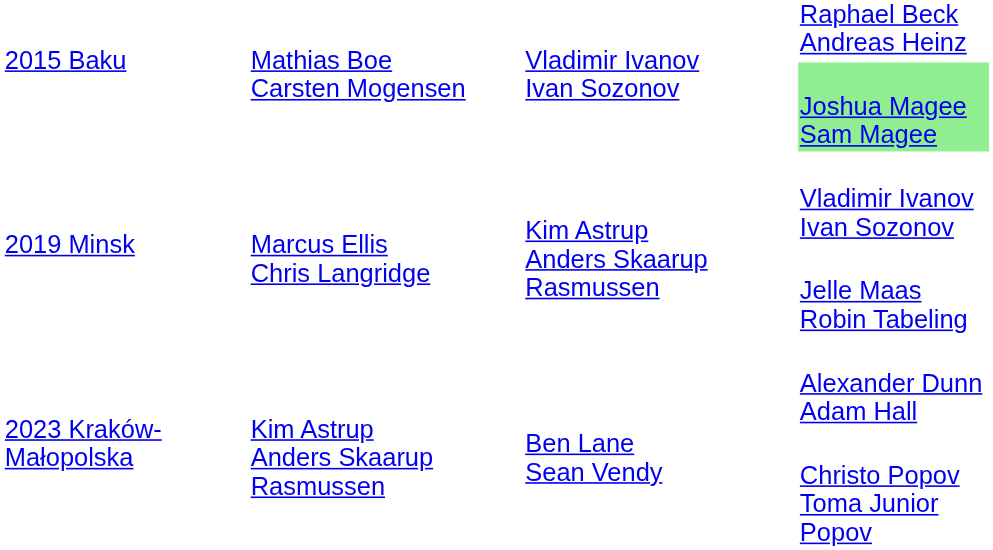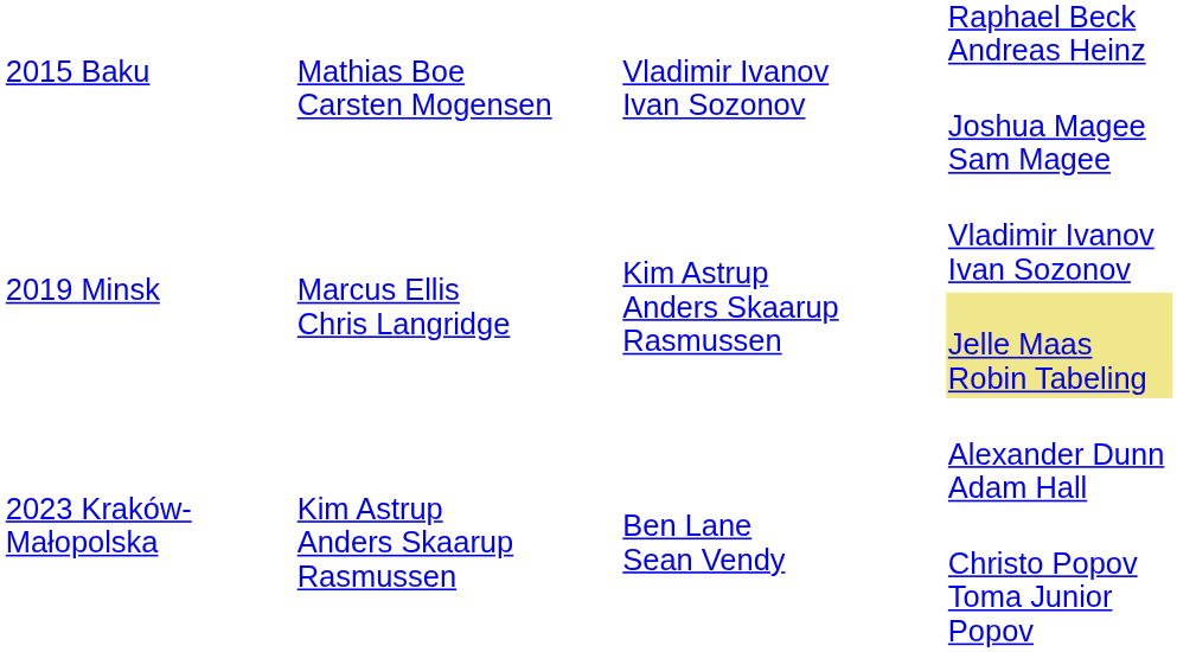 <table>
 <tr valign="center">
 <td rowspan=2><a href='#'>2015 Baku</a><br></td>
 <td rowspan=2><br><a href='#'>Mathias Boe</a><br><a href='#'>Carsten Mogensen</a></td>
 <td rowspan=2><br><a href='#'>Vladimir Ivanov</a><br><a href='#'>Ivan Sozonov</a></td>
 <td><br><a href='#'>Raphael Beck</a><br><a href='#'>Andreas Heinz</a></td>
 </tr>
 <tr>
-<td style="background: lightgreen;"><br><a href='#'>Joshua Magee</a><br><a href='#'>Sam Magee</a></td>
+<td><br><a href='#'>Joshua Magee</a><br><a href='#'>Sam Magee</a></td>
 </tr>
 <tr valign="center">
 <td rowspan="2"><a href='#'>2019 Minsk</a><br></td>
 <td rowspan="2"><br><a href='#'>Marcus Ellis</a><br><a href='#'>Chris Langridge</a></td>
 <td rowspan="2"><br><a href='#'>Kim Astrup</a> <br> <a href='#'>Anders Skaarup Rasmussen</a></td>
 <td><br><a href='#'>Vladimir Ivanov</a><br><a href='#'>Ivan Sozonov</a></td>
 </tr>
 <tr>
-<td><br><a href='#'>Jelle Maas</a><br><a href='#'>Robin Tabeling</a></td>
+<td style="background: khaki;"><br><a href='#'>Jelle Maas</a><br><a href='#'>Robin Tabeling</a></td>
 </tr>
 <tr valign="center">
 <td rowspan="2"><a href='#'>2023 Kraków-Małopolska</a><br></td>
 <td rowspan="2"><br><a href='#'>Kim Astrup</a><br><a href='#'>Anders Skaarup Rasmussen</a></td>
 <td rowspan="2"><br><a href='#'>Ben Lane</a><br><a href='#'>Sean Vendy</a></td>
 <td><br><a href='#'>Alexander Dunn</a><br><a href='#'>Adam Hall</a></td>
 </tr>
 <tr>
 <td><br><a href='#'>Christo Popov</a><br><a href='#'>Toma Junior Popov</a></td>
 </tr>
 </table>
